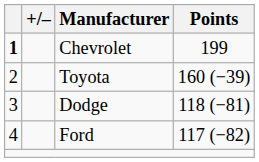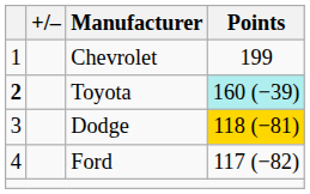 <table class="wikitable">
 <tr>
 <th scope="col"></th>
 <th scope="col">+/–</th>
 <th scope="col">Manufacturer</th>
 <th scope="col">Points</th>
 </tr>
 <tr>
-<td><strong>1</strong></td>
+<td>1</td>
 <td align="left"></td>
 <td>Chevrolet</td>
 <td style="text-align:center;">199</td>
 </tr>
 <tr>
-<td>2</td>
+<td><strong>2</strong></td>
 <td align="left"></td>
 <td>Toyota</td>
-<td style="text-align:center;">160 (−39)</td>
+<td style="background: paleturquoise; text-align:center;">160 (−39)</td>
 </tr>
 <tr>
 <td>3</td>
 <td align="left"></td>
 <td>Dodge</td>
-<td style="text-align:center;">118 (−81)</td>
+<td style="background: gold; text-align:center;">118 (−81)</td>
 </tr>
 <tr>
 <td>4</td>
 <td align="left"></td>
 <td>Ford</td>
 <td style="text-align:center;">117 (−82)</td>
 </tr>
 <tr class="sortbottom">
 <td colspan="9"></td>
 </tr>
 </table>
